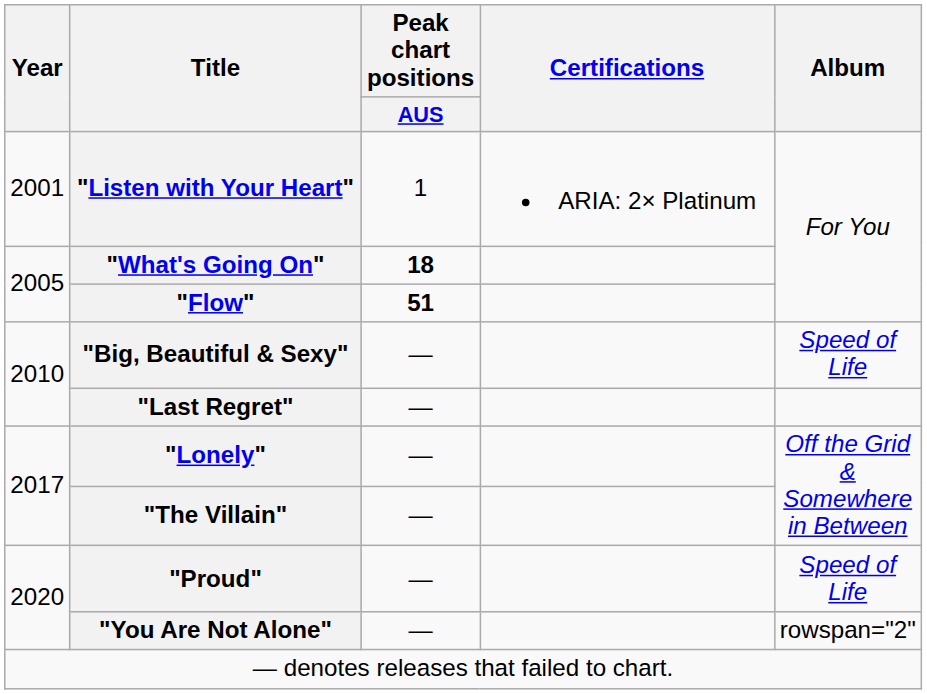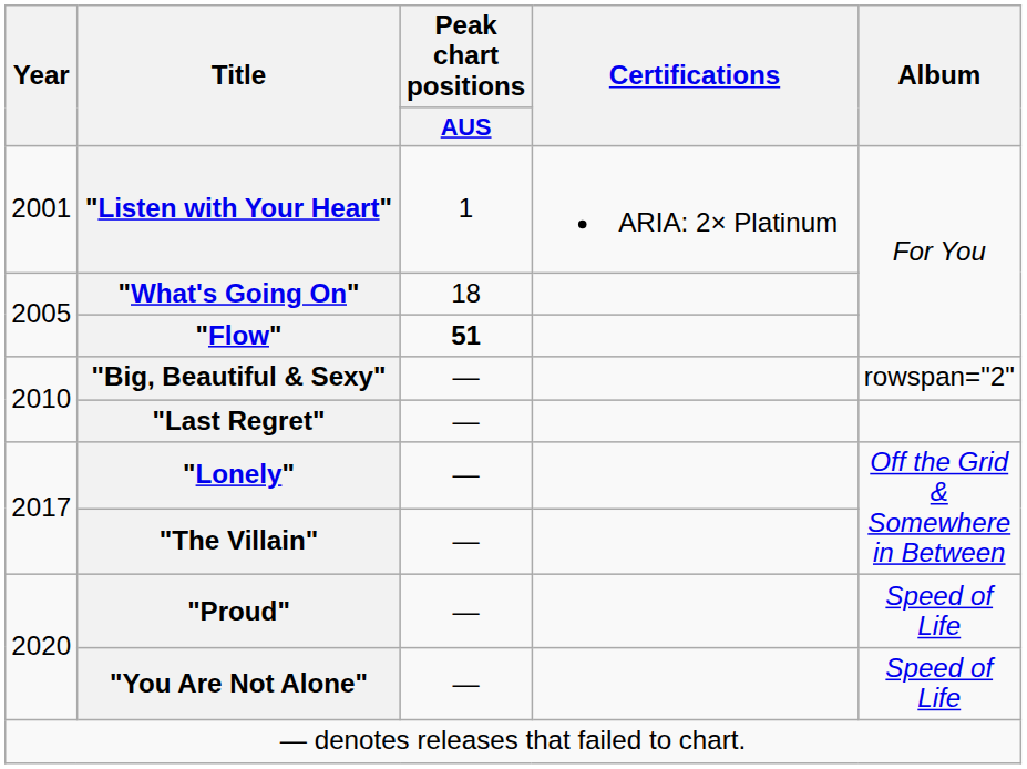 <table class="wikitable plainrowheaders" style="text-align:center;">
 <tr>
 <th scope="col" rowspan="2">Year</th>
 <th scope="col" rowspan="2" style="width:12em;">Title</th>
 <th scope="col" colspan="1">Peak chart<br>positions</th>
 <th scope="col" rowspan="2" style="width:12em;"><a href='#'>Certifications</a></th>
 <th scope="col" rowspan="2">Album</th>
 </tr>
 <tr>
 <th style="width:3em; font-size:90%"><a href='#'>AUS</a><br></th>
 </tr>
 <tr>
 <td>2001</td>
 <th scope="row">"<a href='#'>Listen with Your Heart</a>"</th>
 <td align="center">1</td>
 <td align="center"><br><ul><li>ARIA: 2× Platinum</li></ul></td>
 <td rowspan="3"><em>For You</em></td>
 </tr>
 <tr>
 <td rowspan="2">2005</td>
 <th scope="row">"<a href='#'>What's Going On</a>"</th>
-<td align="center"><strong>18</strong></td>
+<td align="center">18</td>
 <td align="center"></td>
 </tr>
 <tr>
 <th scope="row">"<a href='#'>Flow</a>"</th>
 <td align="center"><strong>51</strong></td>
 <td align="center"></td>
 </tr>
 <tr>
 <td rowspan="2">2010</td>
 <th scope="row">"Big, Beautiful & Sexy"</th>
 <td align="center">—</td>
 <td align="center"></td>
-<td><em><a href='#'>Speed of Life</a></em></td>
+<td>rowspan="2" </td>
 </tr>
 <tr>
 <th scope="row">"Last Regret"</th>
 <td align="center">—</td>
 <td align="center"></td>
 </tr>
 <tr>
 <td rowspan="2">2017</td>
 <th scope="row">"<a href='#'>Lonely</a>"</th>
 <td align="center">—</td>
 <td align="center"></td>
 <td rowspan="2"><em><a href='#'>Off the Grid & Somewhere in Between</a></em></td>
 </tr>
 <tr>
 <th scope="row">"The Villain"</th>
 <td align="center">—</td>
 <td align="center"></td>
 </tr>
 <tr>
 <td rowspan="2">2020</td>
 <th scope="row">"Proud"</th>
 <td align="center">—</td>
 <td align="center"></td>
 <td><em><a href='#'>Speed of Life</a></em></td>
 </tr>
 <tr>
 <th scope="row">"You Are Not Alone" <br></th>
 <td align="center">—</td>
 <td align="center"></td>
-<td>rowspan="2" </td>
+<td><em><a href='#'>Speed of Life</a></em></td>
 </tr>
 <tr>
 <td colspan="6" style="text-align:center;">— denotes releases that failed to chart.</td>
 </tr>
 </table>
